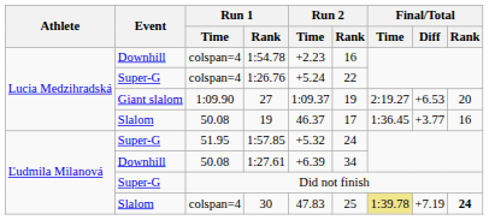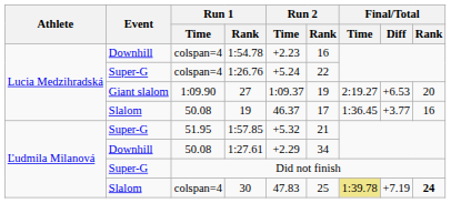 <table class="wikitable" style="font-size:90%">
 <tr>
 <th rowspan="2">Athlete</th>
 <th rowspan="2">Event</th>
 <th colspan="2">Run 1</th>
 <th colspan="2">Run 2</th>
 <th colspan="3">Final/Total</th>
 </tr>
 <tr>
 <th>Time</th>
 <th>Rank</th>
 <th>Time</th>
 <th>Rank</th>
 <th>Time</th>
 <th>Diff</th>
 <th>Rank</th>
 </tr>
 <tr align="center">
 <td align="left" rowspan=4><a href='#'>Lucia Medzihradská</a></td>
 <td align="left"><a href='#'>Downhill</a></td>
 <td>colspan=4 </td>
 <td>1:54.78</td>
 <td>+2.23</td>
 <td>16</td>
 </tr>
 <tr align="center">
 <td align="left"><a href='#'>Super-G</a></td>
 <td>colspan=4 </td>
 <td>1:26.76</td>
 <td>+5.24</td>
 <td>22</td>
 </tr>
 <tr align="center">
 <td align="left"><a href='#'>Giant slalom</a></td>
 <td>1:09.90</td>
 <td>27</td>
 <td>1:09.37</td>
 <td>19</td>
 <td>2:19.27</td>
 <td>+6.53</td>
 <td>20</td>
 </tr>
 <tr align="center">
 <td align="left"><a href='#'>Slalom</a></td>
 <td>50.08</td>
 <td>19</td>
 <td>46.37</td>
 <td>17</td>
 <td>1:36.45</td>
 <td>+3.77</td>
 <td>16</td>
 </tr>
 <tr align="center">
 <td align="left" rowspan=4><a href='#'>Ľudmila Milanová</a></td>
 <td align="left"><a href='#'>Super-G</a></td>
 <td>51.95</td>
 <td>1:57.85</td>
 <td>+5.32</td>
-<td>24</td>
+<td>21</td>
 </tr>
 <tr align="center">
 <td align="left"><a href='#'>Downhill</a></td>
 <td>50.08</td>
 <td>1:27.61</td>
-<td>+6.39</td>
+<td>+2.29</td>
 <td>34</td>
 </tr>
 <tr align="center">
 <td align="left"><a href='#'>Super-G</a></td>
 <td colspan=7>Did not finish</td>
 </tr>
 <tr align="center">
 <td align="left"><a href='#'>Slalom</a></td>
 <td>colspan=4 </td>
 <td>30</td>
 <td>47.83</td>
 <td>25</td>
 <td style="background: khaki;">1:39.78</td>
 <td>+7.19</td>
 <td><strong>24</strong></td>
 </tr>
 </table>
